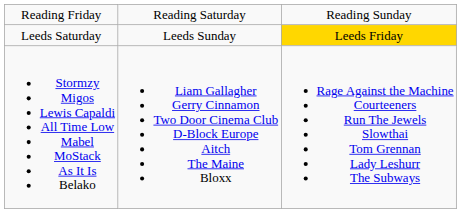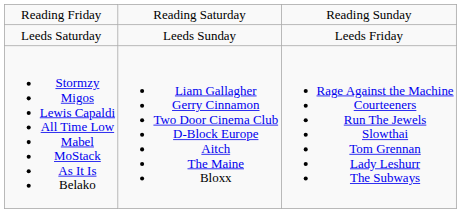 <table class="wikitable" style="text-align:center;">
 <tr>
 <td>Reading Friday</td>
 <td>Reading Saturday</td>
 <td>Reading Sunday</td>
 </tr>
 <tr>
 <td>Leeds Saturday</td>
 <td>Leeds Sunday</td>
-<td style="background: gold;">Leeds Friday</td>
+<td>Leeds Friday</td>
 </tr>
 <tr>
 <td><br><ul><li><a href='#'>Stormzy</a></li><li><a href='#'>Migos</a></li><li><a href='#'>Lewis Capaldi</a></li><li><a href='#'>All Time Low</a></li><li><a href='#'>Mabel</a></li><li><a href='#'>MoStack</a></li><li><a href='#'>As It Is</a></li><li>Belako</li></ul></td>
 <td><br><ul><li><a href='#'>Liam Gallagher</a></li><li><a href='#'>Gerry Cinnamon</a></li><li><a href='#'>Two Door Cinema Club</a></li><li><a href='#'>D-Block Europe</a></li><li><a href='#'>Aitch</a></li><li><a href='#'>The Maine</a></li><li>Bloxx</li></ul></td>
 <td><br><ul><li><a href='#'>Rage Against the Machine</a></li><li><a href='#'>Courteeners</a></li><li><a href='#'>Run The Jewels</a></li><li><a href='#'>Slowthai</a></li><li><a href='#'>Tom Grennan</a></li><li><a href='#'>Lady Leshurr</a></li><li><a href='#'>The Subways</a></li></ul></td>
 </tr>
 </table>
